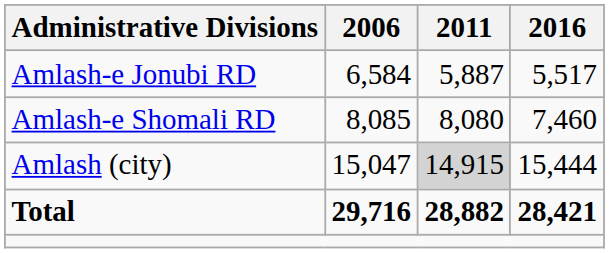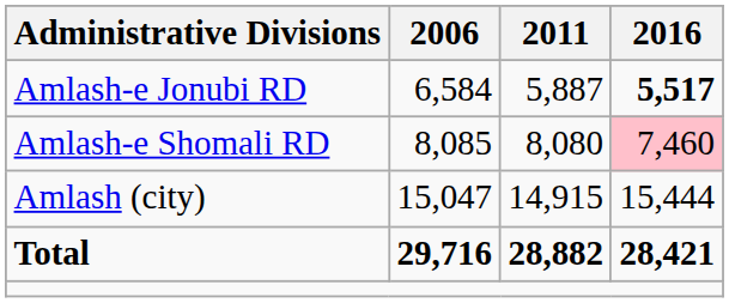 <table class="wikitable">
 <tr>
 <th>Administrative Divisions</th>
 <th>2006</th>
 <th>2011</th>
 <th>2016</th>
 </tr>
 <tr>
 <td><a href='#'>Amlash-e Jonubi RD</a></td>
 <td style="text-align: right;">6,584</td>
 <td style="text-align: right;">5,887</td>
-<td style="text-align: right;">5,517</td>
+<td style="text-align: right;"><strong>5,517</strong></td>
 </tr>
 <tr>
 <td><a href='#'>Amlash-e Shomali RD</a></td>
 <td style="text-align: right;">8,085</td>
 <td style="text-align: right;">8,080</td>
-<td style="text-align: right;">7,460</td>
+<td style="background: pink; text-align: right;">7,460</td>
 </tr>
 <tr>
 <td><a href='#'>Amlash</a> (city)</td>
 <td style="text-align: right;">15,047</td>
-<td style="background: lightgrey; text-align: right;">14,915</td>
+<td style="text-align: right;">14,915</td>
 <td style="text-align: right;">15,444</td>
 </tr>
 <tr>
 <td><strong>Total</strong></td>
 <td style="text-align: right;"><strong>29,716</strong></td>
 <td style="text-align: right;"><strong>28,882</strong></td>
 <td style="text-align: right;"><strong>28,421</strong></td>
 </tr>
 <tr>
 <td colspan=4></td>
 </tr>
 </table>
